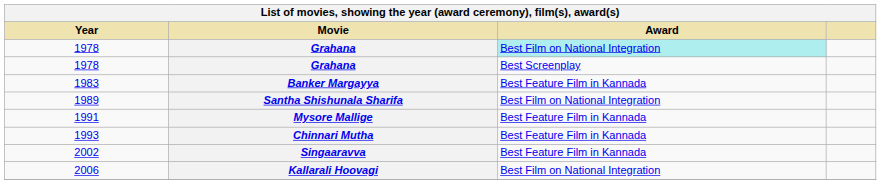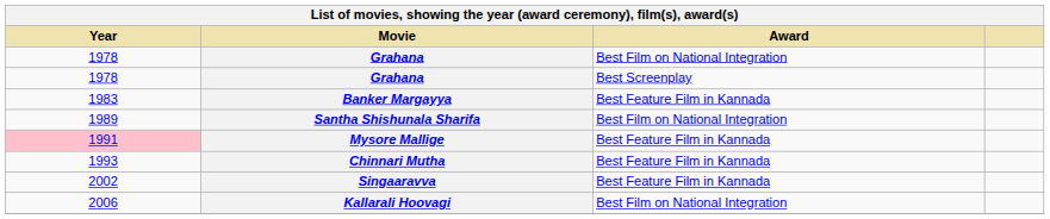 <table class="wikitable sortable plainrowheaders" style="width:100%">
 <tr>
 <th colspan="6">List of movies, showing the year (award ceremony), film(s), award(s)</th>
 </tr>
 <tr>
 <th scope="col" style="background-color:#EFE4B0;width:10%;">Year</th>
 <th scope="col" style="background-color:#EFE4B0;width:20%;">Movie</th>
 <th scope="col" style="background-color:#EFE4B0;width:20%;">Award</th>
 <th scope="col" style="background-color:#EFE4B0;width:3%" class="unsortable"></th>
 </tr>
 <tr>
 <td align="center"><a href='#'>1978<br></a></td>
 <th scope="row"><em><a href='#'>Grahana</a></em></th>
-<td style="background: paleturquoise;"><a href='#'>Best Film on National Integration</a></td>
+<td><a href='#'>Best Film on National Integration</a></td>
 <td align="center"></td>
 </tr>
 <tr>
 <td align="center"><a href='#'>1978<br></a></td>
 <th scope="row"><em><a href='#'>Grahana</a></em></th>
 <td><a href='#'>Best Screenplay</a></td>
 <td align="center"></td>
 </tr>
 <tr>
 <td align="center"><a href='#'>1983<br></a></td>
 <th scope="row"><em><a href='#'>Banker Margayya</a></em></th>
 <td><a href='#'>Best Feature Film in Kannada</a></td>
 <td align="center"></td>
 </tr>
 <tr>
 <td align="center"><a href='#'>1989<br></a></td>
 <th scope="row"><em><a href='#'>Santha Shishunala Sharifa</a></em></th>
 <td><a href='#'>Best Film on National Integration</a></td>
 <td align="center"></td>
 </tr>
 <tr>
-<td align="center"><a href='#'>1991<br></a></td>
+<td align="center" style="background: pink;"><a href='#'>1991<br></a></td>
 <th scope="row"><em><a href='#'>Mysore Mallige</a></em></th>
 <td><a href='#'>Best Feature Film in Kannada</a></td>
 <td align="center"></td>
 </tr>
 <tr>
 <td align="center"><a href='#'>1993<br></a></td>
 <th scope="row"><em><a href='#'>Chinnari Mutha</a></em></th>
 <td><a href='#'>Best Feature Film in Kannada</a></td>
 <td align="center"></td>
 </tr>
 <tr>
 <td align="center"><a href='#'>2002<br></a></td>
 <th scope="row"><em><a href='#'>Singaaravva</a></em></th>
 <td><a href='#'>Best Feature Film in Kannada</a></td>
 <td align="center"></td>
 </tr>
 <tr>
 <td align="center"><a href='#'>2006<br></a></td>
 <th scope="row"><em><a href='#'>Kallarali Hoovagi</a></em></th>
 <td><a href='#'>Best Film on National Integration</a></td>
 <td align="center"></td>
 </tr>
 <tr>
 </tr>
 </table>
